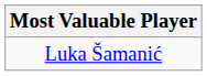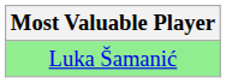 <table class=wikitable style="text-align:center">
 <tr>
 <th>Most Valuable Player</th>
 </tr>
 <tr>
-<td> <a href='#'>Luka Šamanić</a></td>
+<td style="background: lightgreen;"> <a href='#'>Luka Šamanić</a></td>
 </tr>
 </table>
